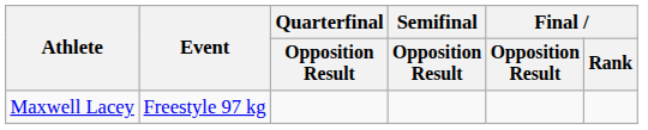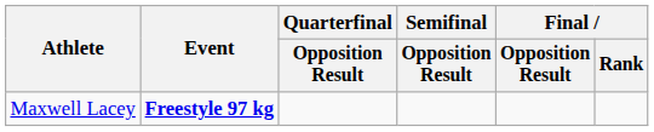 <table class=wikitable style=font-size:90%;text-align:center>
 <tr>
 <th rowspan=2>Athlete</th>
 <th rowspan=2>Event</th>
 <th>Quarterfinal</th>
 <th>Semifinal</th>
 <th colspan=2>Final / </th>
 </tr>
 <tr style=font-size:95%>
 <th>Opposition<br>Result</th>
 <th>Opposition<br>Result</th>
 <th>Opposition<br>Result</th>
 <th>Rank</th>
 </tr>
 <tr>
 <td align=left><a href='#'>Maxwell Lacey</a></td>
-<td align=left><a href='#'>Freestyle 97 kg</a></td>
+<td align=left><strong><a href='#'>Freestyle 97 kg</a></strong></td>
 <td></td>
 <td></td>
 <td></td>
 <td></td>
 </tr>
 </table>
